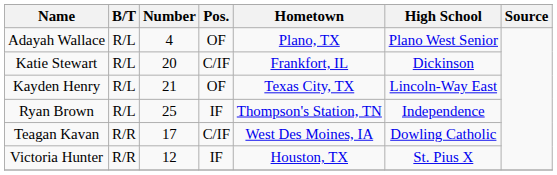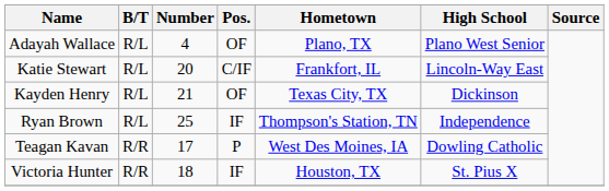 <table class="wikitable sortable collapsible">
 <tr>
 </tr>
 <tr>
 <th style="text-align:center; ">Name</th>
 <th style="text-align:center; ">B/T</th>
 <th style="text-align:center; ">Number</th>
 <th style="text-align:center; ">Pos.</th>
 <th style="text-align:center; ">Hometown</th>
 <th style="text-align:center; ">High School</th>
 <th style="text-align:center; ">Source</th>
 </tr>
 <tr align="center">
 <td>Adayah Wallace</td>
 <td>R/L</td>
 <td>4</td>
 <td>OF</td>
 <td><a href='#'>Plano, TX</a></td>
 <td><a href='#'>Plano West Senior</a></td>
 <td rowspan="6"></td>
 </tr>
 <tr align="center">
 <td>Katie Stewart</td>
 <td>R/L</td>
 <td>20</td>
 <td>C/IF</td>
 <td><a href='#'>Frankfort, IL</a></td>
-<td><a href='#'>Dickinson</a></td>
+<td><a href='#'>Lincoln-Way East</a></td>
 </tr>
 <tr align="center">
 <td>Kayden Henry</td>
 <td>R/L</td>
 <td>21</td>
 <td>OF</td>
 <td><a href='#'>Texas City, TX</a></td>
-<td><a href='#'>Lincoln-Way East</a></td>
+<td><a href='#'>Dickinson</a></td>
 </tr>
 <tr align="center">
 <td>Ryan Brown</td>
 <td>R/L</td>
 <td>25</td>
 <td>IF</td>
 <td><a href='#'>Thompson's Station, TN</a></td>
 <td><a href='#'>Independence</a></td>
 </tr>
 <tr align="center">
 <td>Teagan Kavan</td>
 <td>R/R</td>
 <td>17</td>
-<td>C/IF</td>
+<td>P</td>
 <td><a href='#'>West Des Moines, IA</a></td>
 <td><a href='#'>Dowling Catholic</a></td>
 </tr>
 <tr align="center">
 <td>Victoria Hunter</td>
 <td>R/R</td>
-<td>12</td>
+<td>18</td>
 <td>IF</td>
 <td><a href='#'>Houston, TX</a></td>
 <td><a href='#'>St. Pius X</a></td>
 </tr>
 <tr>
 </tr>
 </table>
